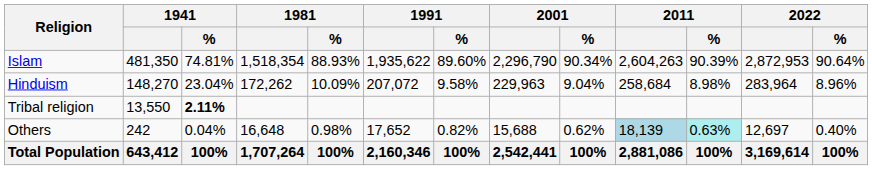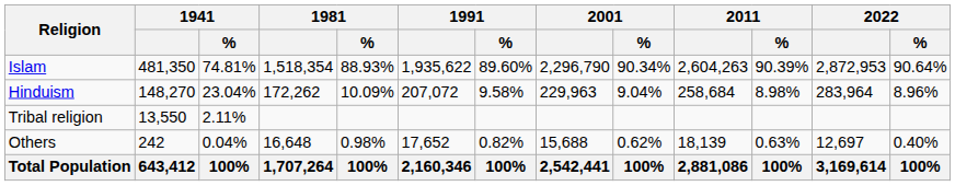 <table class="wikitable sortable">
 <tr>
 <th rowspan="2">Religion</th>
 <th colspan="2">1941</th>
 <th colspan="2">1981</th>
 <th colspan="2">1991</th>
 <th colspan="2">2001</th>
 <th colspan="2">2011</th>
 <th colspan="2">2022</th>
 </tr>
 <tr>
 <th></th>
 <th>%</th>
 <th></th>
 <th>%</th>
 <th></th>
 <th>%</th>
 <th></th>
 <th>%</th>
 <th></th>
 <th>%</th>
 <th></th>
 <th>%</th>
 </tr>
 <tr>
 <td><a href='#'>Islam</a> </td>
 <td>481,350</td>
 <td>74.81%</td>
 <td>1,518,354</td>
 <td>88.93%</td>
 <td>1,935,622</td>
 <td>89.60%</td>
 <td>2,296,790</td>
 <td>90.34%</td>
 <td>2,604,263</td>
 <td>90.39%</td>
 <td>2,872,953</td>
 <td>90.64%</td>
 </tr>
 <tr>
 <td><a href='#'>Hinduism</a> </td>
 <td>148,270</td>
 <td>23.04%</td>
 <td>172,262</td>
 <td>10.09%</td>
 <td>207,072</td>
 <td>9.58%</td>
 <td>229,963</td>
 <td>9.04%</td>
 <td>258,684</td>
 <td>8.98%</td>
 <td>283,964</td>
 <td>8.96%</td>
 </tr>
 <tr>
 <td>Tribal religion</td>
 <td>13,550</td>
-<td><strong>2.11%</strong></td>
+<td>2.11%</td>
 <td></td>
 <td></td>
 <td></td>
 <td></td>
 <td></td>
 <td></td>
 <td></td>
 <td></td>
 <td></td>
 <td></td>
 </tr>
 <tr>
 <td>Others</td>
 <td>242</td>
 <td>0.04%</td>
 <td>16,648</td>
 <td>0.98%</td>
 <td>17,652</td>
 <td>0.82%</td>
 <td>15,688</td>
 <td>0.62%</td>
-<td style="background: lightblue;">18,139</td>
-<td style="background: paleturquoise;">0.63%</td>
+<td>18,139</td>
+<td>0.63%</td>
 <td>12,697</td>
 <td>0.40%</td>
 </tr>
 <tr>
 <th>Total Population</th>
 <th>643,412</th>
 <th>100%</th>
 <th>1,707,264</th>
 <th>100%</th>
 <th>2,160,346</th>
 <th>100%</th>
 <th>2,542,441</th>
 <th>100%</th>
 <th>2,881,086</th>
 <th>100%</th>
 <th>3,169,614</th>
 <th>100%</th>
 </tr>
 </table>
